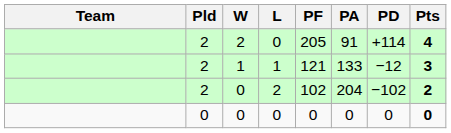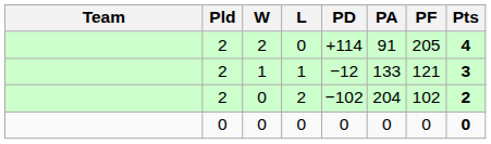 <table class="wikitable" style="text-align:center;">
 <tr>
 <th width=180>Team</th>
 <th width=30>Pld</th>
 <th width=30>W</th>
 <th width=30>L</th>
+<th width=30>PD</th>
+<th width=30>PA</th>
 <th width=30>PF</th>
-<th width=30>PA</th>
-<th width=30>PD</th>
 <th width=30>Pts</th>
 </tr>
 <tr bgcolor="#ccffcc">
 <td align=left></td>
 <td>2</td>
 <td>2</td>
 <td>0</td>
+<td>+114</td>
+<td>91</td>
 <td>205</td>
-<td>91</td>
-<td>+114</td>
 <td><strong>4</strong></td>
 </tr>
 <tr bgcolor="#ccffcc">
 <td align=left></td>
 <td>2</td>
 <td>1</td>
 <td>1</td>
+<td>−12</td>
+<td>133</td>
 <td>121</td>
-<td>133</td>
-<td>−12</td>
 <td><strong>3</strong></td>
 </tr>
 <tr bgcolor="#ccffcc">
 <td align=left></td>
 <td>2</td>
 <td>0</td>
 <td>2</td>
+<td>−102</td>
+<td>204</td>
 <td>102</td>
-<td>204</td>
-<td>−102</td>
 <td><strong>2</strong></td>
 </tr>
 <tr>
 <td align=left></td>
 <td>0</td>
 <td>0</td>
 <td>0</td>
 <td>0</td>
 <td>0</td>
 <td>0</td>
 <td><strong>0</strong></td>
 </tr>
 </table>
